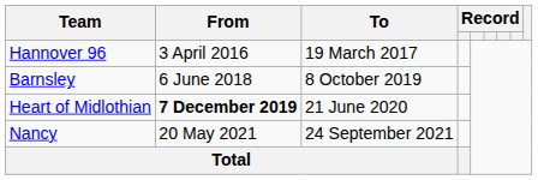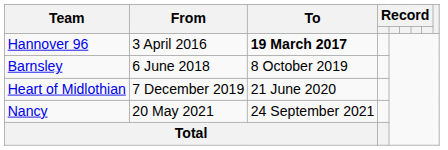 <table class=wikitable style=text-align:center>
 <tr>
 <th rowspan=2>Team</th>
 <th rowspan=2>From</th>
 <th rowspan=2>To</th>
 <th colspan=5>Record</th>
 <th rowspan=2></th>
 </tr>
 <tr>
 <th></th>
 <th></th>
 <th></th>
 <th></th>
 <th></th>
 </tr>
 <tr>
 <td align=left><a href='#'>Hannover 96</a></td>
 <td align=left>3 April 2016</td>
-<td align=left>19 March 2017<br></td>
+<td align=left><strong>19 March 2017<br></strong></td>
 <td></td>
 </tr>
 <tr>
 <td align=left><a href='#'>Barnsley</a></td>
 <td align=left>6 June 2018</td>
 <td align=left>8 October 2019<br></td>
 <td></td>
 </tr>
 <tr>
 <td align=left><a href='#'>Heart of Midlothian</a></td>
-<td align=left><strong>7 December 2019</strong></td>
+<td align=left>7 December 2019</td>
 <td align=left>21 June 2020<br></td>
 <td></td>
 </tr>
 <tr>
 <td align=left><a href='#'>Nancy</a></td>
 <td align=left>20 May 2021</td>
 <td align=left>24 September 2021<br></td>
 <td></td>
 </tr>
 <tr>
 <th colspan=3>Total<br></th>
 <th></th>
 </tr>
 </table>
